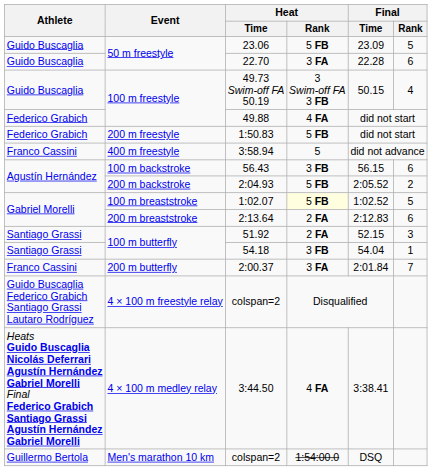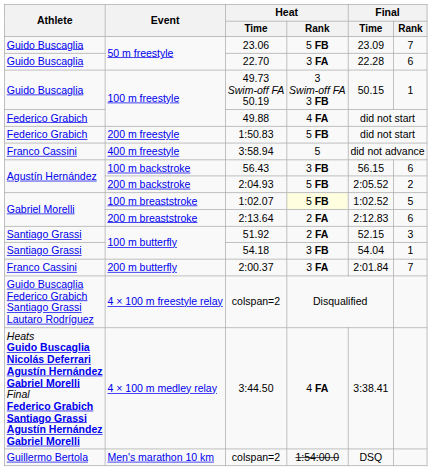 <table class="wikitable" style="font-size:90%;text-align:center">
 <tr>
 <th rowspan="2">Athlete</th>
 <th rowspan="2">Event</th>
 <th colspan="2">Heat</th>
 <th colspan="2">Final</th>
 </tr>
 <tr style="font-size:95%">
 <th>Time</th>
 <th>Rank</th>
 <th>Time</th>
 <th>Rank</th>
 </tr>
 <tr>
 <td style="text-align:left"><a href='#'>Guido Buscaglia</a></td>
 <td style="text-align:left" rowspan=2><a href='#'>50 m freestyle</a></td>
 <td>23.06</td>
 <td>5 <strong>FB</strong></td>
 <td>23.09</td>
-<td>5</td>
+<td>7</td>
 </tr>
 <tr>
 <td style="text-align:left"><a href='#'>Guido Buscaglia</a></td>
 <td>22.70</td>
 <td>3 <strong>FA</strong></td>
 <td>22.28</td>
 <td>6</td>
 </tr>
 <tr>
 <td style="text-align:left"><a href='#'>Guido Buscaglia</a></td>
 <td style="text-align:left" rowspan=2><a href='#'>100 m freestyle</a></td>
 <td>49.73<br><em>Swim-off FA</em><br>50.19</td>
 <td>3<br><em>Swim-off FA</em><br>3 <strong>FB</strong></td>
 <td>50.15</td>
-<td>4</td>
+<td>1</td>
 </tr>
 <tr>
 <td style="text-align:left"><a href='#'>Federico Grabich</a></td>
 <td>49.88</td>
 <td>4 <strong>FA</strong></td>
 <td colspan=2>did not start</td>
 </tr>
 <tr>
 <td style="text-align:left"><a href='#'>Federico Grabich</a></td>
 <td style="text-align:left"><a href='#'>200 m freestyle</a></td>
 <td>1:50.83</td>
 <td>5 <strong>FB</strong></td>
 <td colspan=2>did not start</td>
 </tr>
 <tr>
 <td style="text-align:left"><a href='#'>Franco Cassini</a></td>
 <td style="text-align:left"><a href='#'>400 m freestyle</a></td>
 <td>3:58.94</td>
 <td>5</td>
 <td colspan=2>did not advance</td>
 </tr>
 <tr>
 <td style="text-align:left" rowspan=2><a href='#'>Agustín Hernández</a></td>
 <td style="text-align:left"><a href='#'>100 m backstroke</a></td>
 <td>56.43</td>
 <td>3 <strong>FB</strong></td>
 <td>56.15</td>
 <td>6</td>
 </tr>
 <tr>
 <td style="text-align:left"><a href='#'>200 m backstroke</a></td>
 <td>2:04.93</td>
 <td>5 <strong>FB</strong></td>
 <td>2:05.52</td>
 <td>2</td>
 </tr>
 <tr>
 <td style="text-align:left" rowspan=2><a href='#'>Gabriel Morelli</a></td>
 <td style="text-align:left"><a href='#'>100 m breaststroke</a></td>
 <td>1:02.07</td>
 <td style="background: lightyellow;">5 <strong>FB</strong></td>
 <td>1:02.52</td>
 <td>5</td>
 </tr>
 <tr>
 <td style="text-align:left"><a href='#'>200 m breaststroke</a></td>
 <td>2:13.64</td>
 <td>2 <strong>FA</strong></td>
 <td>2:12.83</td>
 <td>6</td>
 </tr>
 <tr>
 <td style="text-align:left"><a href='#'>Santiago Grassi</a></td>
 <td style="text-align:left" rowspan=2><a href='#'>100 m butterfly</a></td>
 <td>51.92</td>
 <td>2 <strong>FA</strong></td>
 <td>52.15</td>
 <td>3</td>
 </tr>
 <tr>
 <td style="text-align:left"><a href='#'>Santiago Grassi</a></td>
 <td>54.18</td>
 <td>3 <strong>FB</strong></td>
 <td>54.04</td>
 <td>1</td>
 </tr>
 <tr>
 <td style="text-align:left"><a href='#'>Franco Cassini</a></td>
 <td style="text-align:left"><a href='#'>200 m butterfly</a></td>
 <td>2:00.37</td>
 <td>3 <strong>FA</strong></td>
 <td>2:01.84</td>
 <td>7</td>
 </tr>
 <tr>
 <td style="text-align:left"><a href='#'>Guido Buscaglia</a><br><a href='#'>Federico Grabich</a><br><a href='#'>Santiago Grassi</a><br><a href='#'>Lautaro Rodríguez</a></td>
 <td style="text-align:left"><a href='#'>4 × 100 m freestyle relay</a></td>
 <td>colspan=2 </td>
 <td colspan=2>Disqualified</td>
 </tr>
 <tr>
 <td style="text-align:left"><em>Heats</em><br><strong><a href='#'>Guido Buscaglia</a><br><a href='#'>Nicolás Deferrari</a><br><a href='#'>Agustín Hernández</a><br><a href='#'>Gabriel Morelli</a></strong><br><em>Final</em><br><strong><a href='#'>Federico Grabich</a><br><a href='#'>Santiago Grassi</a><br><a href='#'>Agustín Hernández</a><br><a href='#'>Gabriel Morelli</a></strong></td>
 <td style="text-align:left"><a href='#'>4 × 100 m medley relay</a></td>
 <td>3:44.50</td>
 <td>4 <strong>FA</strong></td>
 <td>3:38.41</td>
 <td></td>
 </tr>
 <tr>
 <td style="text-align:left"><a href='#'>Guillermo Bertola</a></td>
 <td style="text-align:left"><a href='#'>Men's marathon 10 km</a></td>
 <td>colspan=2 </td>
 <td><s>1:54:00.0</s></td>
 <td>DSQ</td>
 </tr>
 </table>
